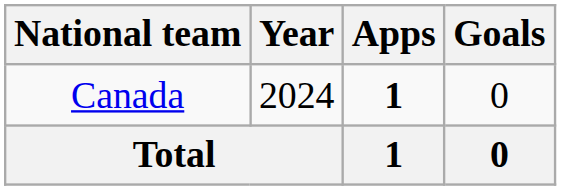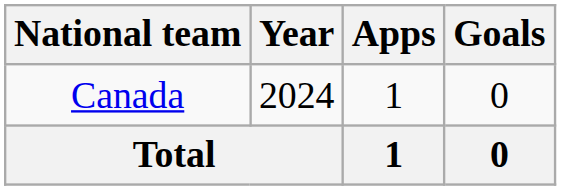 <table class="wikitable" style="text-align:center">
 <tr>
 <th>National team</th>
 <th>Year</th>
 <th>Apps</th>
 <th>Goals</th>
 </tr>
 <tr>
 <td><a href='#'>Canada</a></td>
 <td>2024</td>
-<td><strong>1</strong></td>
+<td>1</td>
 <td>0</td>
 </tr>
 <tr>
 <th colspan="2">Total</th>
 <th>1</th>
 <th>0</th>
 </tr>
 </table>
